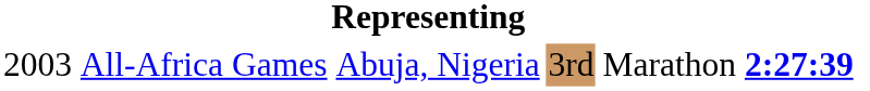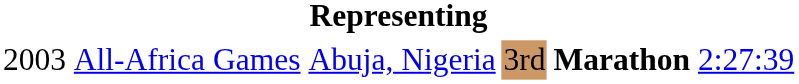 <table>
 <tr>
 <th colspan="6">Representing </th>
 </tr>
 <tr>
 <td>2003</td>
 <td><a href='#'>All-Africa Games</a></td>
 <td><a href='#'>Abuja, Nigeria</a></td>
 <td bgcolor="cc9966">3rd</td>
-<td>Marathon</td>
-<td><strong><a href='#'>2:27:39</a></strong></td>
+<td><strong>Marathon</strong></td>
+<td><a href='#'>2:27:39</a></td>
 </tr>
 </table>
